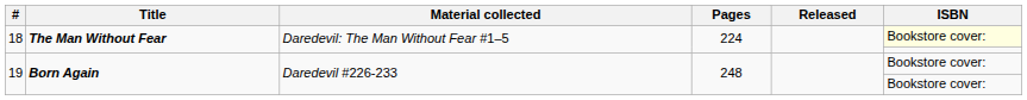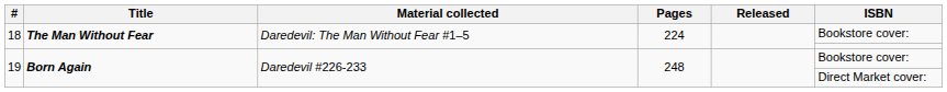 <table class="wikitable sortable" width=98%>
 <tr>
 <th width="4px">#</th>
 <th>Title</th>
 <th>Material collected</th>
 <th>Pages</th>
 <th>Released</th>
 <th class="unsortable" style="width: 10em;">ISBN</th>
 </tr>
 <tr>
 <td rowspan=2>18</td>
 <td rowspan=2><strong><em>The Man Without Fear</em></strong></td>
 <td rowspan=2><em>Daredevil: The Man Without Fear</em> #1–5</td>
 <td rowspan=2 style="text-align: center;">224</td>
 <td rowspan=2 style="text-align: center;"></td>
-<td style="background: lightyellow;">Bookstore cover: </td>
+<td>Bookstore cover: </td>
 </tr>
 <tr>
 <td></td>
 </tr>
 <tr>
 <td rowspan=2>19</td>
 <td rowspan=2><strong><em>Born Again</em></strong></td>
 <td rowspan=2><em>Daredevil</em> #226-233</td>
 <td rowspan=2 style="text-align: center;">248</td>
 <td rowspan=2 style="text-align: center;"></td>
 <td>Bookstore cover: </td>
 </tr>
 <tr>
-<td>Bookstore cover: </td>
+<td>Direct Market cover: </td>
 </tr>
 </table>
